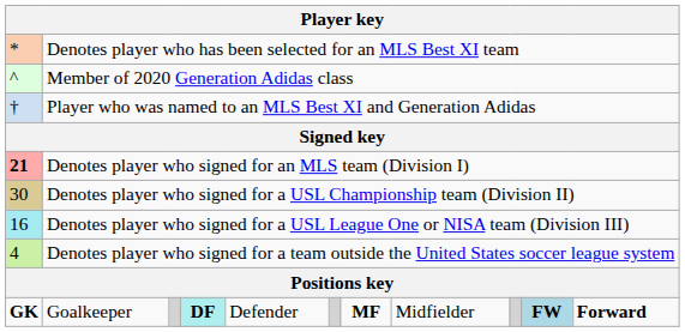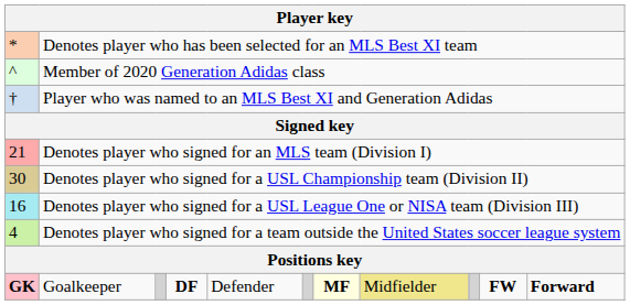 <table class="wikitable">
 <tr>
 <th colspan="11">Player key</th>
 </tr>
 <tr>
 <td scope="row" style="background:#FBCEB1;">*</td>
 <td colspan="11">Denotes player who has been selected for an <a href='#'>MLS Best XI</a> team</td>
 </tr>
 <tr>
 <td scope="row" style="background:#ddffdd;">^</td>
 <td colspan="11">Member of 2020 <a href='#'>Generation Adidas</a> class</td>
 </tr>
 <tr>
 <td scope="row" style="background:#cedff2;">†</td>
 <td colspan="11">Player who was named to an <a href='#'>MLS Best XI</a> and Generation Adidas</td>
 </tr>
 <tr>
 <th colspan="11">Signed key</th>
 </tr>
 <tr>
-<td scope="row" style="background:#FEAAAA;"><strong>21</strong></td>
+<td scope="row" style="background:#FEAAAA;">21</td>
 <td colspan="11">Denotes player who signed for an <a href='#'>MLS</a> team (Division I)</td>
 </tr>
 <tr>
 <td scope="row" style="background:#DACB95;">30</td>
 <td colspan="11">Denotes player who signed for a <a href='#'>USL Championship</a> team (Division II)</td>
 </tr>
 <tr>
 <td scope="row" style="background:#A6EBF1;">16</td>
 <td colspan="11">Denotes player who signed for a <a href='#'>USL League One</a> or <a href='#'>NISA</a> team (Division III)</td>
 </tr>
 <tr>
 <td scope="row" style="background:#CBF1A6;">4</td>
 <td colspan="11">Denotes player who signed for a team outside the <a href='#'>United States soccer league system</a></td>
 </tr>
 <tr>
 <th colspan="11">Positions key</th>
 </tr>
 <tr>
-<td style="text-align:center;"><strong>GK</strong></td>
+<td style="background: pink; text-align:center;"><strong>GK</strong></td>
 <td style="text-align:left;">Goalkeeper</td>
 <td style="background-color:lightgrey;"></td>
-<td style="background: paleturquoise; text-align:center;"><strong>DF</strong></td>
+<td style="text-align:center;"><strong>DF</strong></td>
 <td style="text-align:left;">Defender</td>
 <td style="background-color:lightgrey;"></td>
-<td style="text-align:center;"><strong>MF</strong></td>
-<td style="text-align:left;">Midfielder</td>
+<td style="background: lightyellow; text-align:center;"><strong>MF</strong></td>
+<td style="background: khaki; text-align:left;">Midfielder</td>
 <td style="background-color:lightgrey;"></td>
-<td style="background: lightblue; text-align:center;"><strong>FW</strong></td>
+<td style="text-align:center;"><strong>FW</strong></td>
 <td style="text-align:left;"><strong>Forward</strong></td>
 </tr>
 </table>
